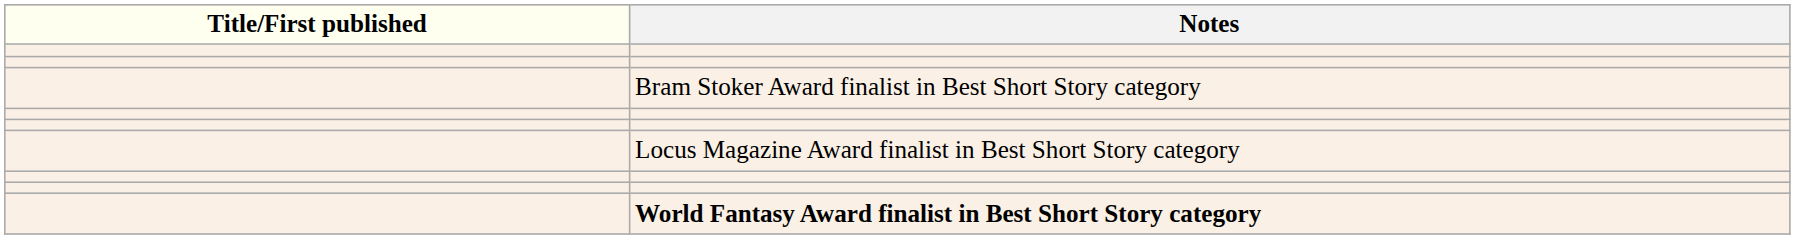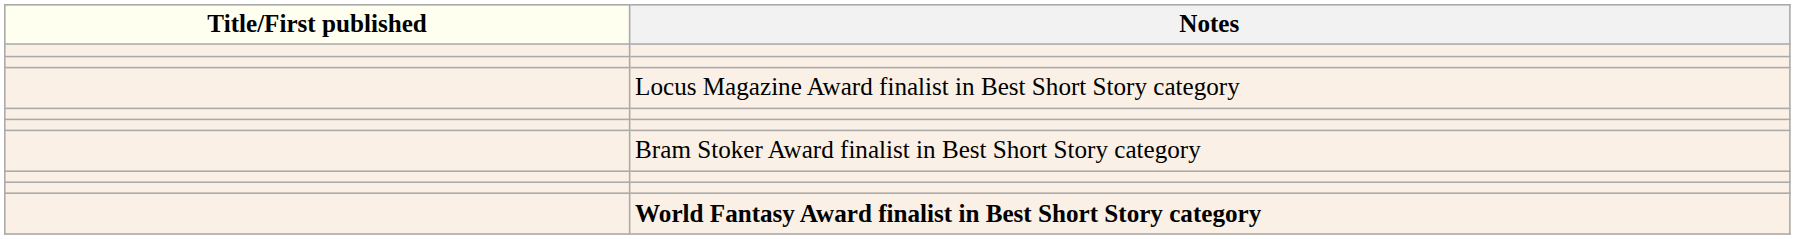 <table class=wikitable style="background:linen" width="90%">
 <tr>
 <th style="background:ivory; width:35%;">Title/First published</th>
 <th>Notes</th>
+</tr>
+<tr>
+<td></td>
+<td></td>
+</tr>
+<tr>
+<td></td>
+<td></td>
+</tr>
+<tr>
+<td></td>
+<td>Locus Magazine Award finalist in Best Short Story category</td>
 </tr>
 <tr>
 <td></td>
 <td></td>
 </tr>
 <tr>
 <td></td>
 <td></td>
 </tr>
 <tr>
 <td></td>
 <td>Bram Stoker Award finalist in Best Short Story category</td>
 </tr>
 <tr>
 <td></td>
 <td></td>
 </tr>
 <tr>
 <td></td>
 <td></td>
 </tr>
 <tr>
 <td></td>
-<td>Locus Magazine Award finalist in Best Short Story category</td>
-</tr>
-<tr>
-<td></td>
-<td></td>
-</tr>
-<tr>
-<td></td>
-<td></td>
-</tr>
-<tr>
-<td></td>
 <td><strong>World Fantasy Award finalist in Best Short Story category</strong></td>
 </tr>
 </table>
